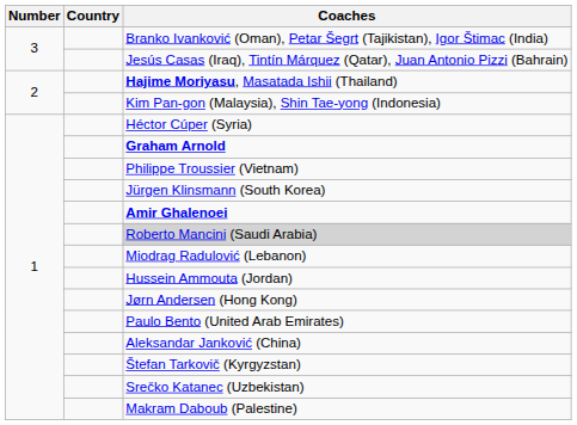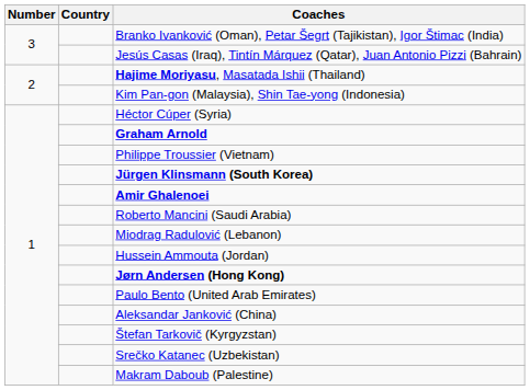 <table class="wikitable sortable">
 <tr>
 <th>Number</th>
 <th>Country</th>
 <th>Coaches</th>
 </tr>
 <tr>
 <td rowspan="2" align="center">3</td>
 <td></td>
 <td><a href='#'>Branko Ivanković</a> (Oman), <a href='#'>Petar Šegrt</a> (Tajikistan), <a href='#'>Igor Štimac</a> (India)</td>
 </tr>
 <tr>
 <td></td>
 <td><a href='#'>Jesús Casas</a> (Iraq), <a href='#'>Tintín Márquez</a> (Qatar), <a href='#'>Juan Antonio Pizzi</a> (Bahrain)</td>
 </tr>
 <tr>
 <td rowspan="2" align="center">2</td>
 <td></td>
 <td><strong><a href='#'>Hajime Moriyasu</a></strong>, <a href='#'>Masatada Ishii</a> (Thailand)</td>
 </tr>
 <tr>
 <td></td>
 <td><a href='#'>Kim Pan-gon</a> (Malaysia), <a href='#'>Shin Tae-yong</a> (Indonesia)</td>
 </tr>
 <tr>
 <td rowspan="14" align="center">1</td>
 <td></td>
 <td><a href='#'>Héctor Cúper</a> (Syria)</td>
 </tr>
 <tr>
 <td></td>
 <td><strong><a href='#'>Graham Arnold</a></strong></td>
 </tr>
 <tr>
 <td></td>
 <td><a href='#'>Philippe Troussier</a> (Vietnam)</td>
 </tr>
 <tr>
 <td></td>
-<td><a href='#'>Jürgen Klinsmann</a> (South Korea)</td>
+<td><strong><a href='#'>Jürgen Klinsmann</a> (South Korea)</strong></td>
 </tr>
 <tr>
 <td></td>
 <td><strong><a href='#'>Amir Ghalenoei</a></strong></td>
 </tr>
 <tr>
 <td></td>
-<td style="background: lightgrey;"><a href='#'>Roberto Mancini</a> (Saudi Arabia)</td>
+<td><a href='#'>Roberto Mancini</a> (Saudi Arabia)</td>
 </tr>
 <tr>
 <td></td>
 <td><a href='#'>Miodrag Radulović</a> (Lebanon)</td>
 </tr>
 <tr>
 <td></td>
 <td><a href='#'>Hussein Ammouta</a> (Jordan)</td>
 </tr>
 <tr>
 <td></td>
-<td><a href='#'>Jørn Andersen</a> (Hong Kong)</td>
+<td><strong><a href='#'>Jørn Andersen</a> (Hong Kong)</strong></td>
 </tr>
 <tr>
 <td></td>
 <td><a href='#'>Paulo Bento</a> (United Arab Emirates)</td>
 </tr>
 <tr>
 <td></td>
 <td><a href='#'>Aleksandar Janković</a> (China)</td>
 </tr>
 <tr>
 <td></td>
 <td><a href='#'>Štefan Tarkovič</a> (Kyrgyzstan)</td>
 </tr>
 <tr>
 <td></td>
 <td><a href='#'>Srečko Katanec</a> (Uzbekistan)</td>
 </tr>
 <tr>
 <td></td>
 <td><a href='#'>Makram Daboub</a> (Palestine)</td>
 </tr>
 </table>
